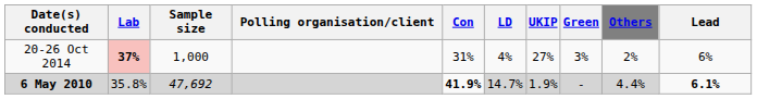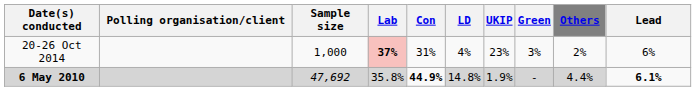 <table class="wikitable sortable" style="text-align:center;font-size:90%;line-height:14px">
 <tr>
 <th ! style="width:95px;">Date(s)<br>conducted</th>
+<th style="width:200px;">Polling organisation/client</th>
+<th class="unsortable" style="width:75px;">Sample size</th>
 <th class="unsortable" style="background:"><a href='#'><span>Lab</span></a></th>
-<th class="unsortable" style="width:75px;">Sample size</th>
-<th style="width:200px;">Polling organisation/client</th>
 <th class="unsortable" style="background:"><a href='#'><span>Con</span></a></th>
 <th class="unsortable" style="background:"><a href='#'><span>LD</span></a></th>
 <th class="unsortable" style="background:"><a href='#'><span>UKIP</span></a></th>
 <th class="unsortable" style="background:"><a href='#'><span>Green</span></a></th>
 <th class="unsortable" style="background:gray; width:50px;"><a href='#'><span>Others</span></a></th>
 <th class="unsortable" style="width:85px;">Lead</th>
 </tr>
 <tr>
 <td>20-26 Oct 2014</td>
+<td></td>
+<td>1,000</td>
 <td style="background:#F8C1BE"><strong>37%</strong></td>
-<td>1,000</td>
-<td></td>
 <td>31%</td>
 <td>4%</td>
-<td>27%</td>
+<td>23%</td>
 <td>3%</td>
 <td>2%</td>
 <td style="background:">6%</td>
 </tr>
 <tr>
 <td style="background:#D5D5D5"><strong>6 May 2010</strong></td>
+<td style="background:#D5D5D5"></td>
+<td style="background:#D5D5D5"><em>47,692</em></td>
 <td style="background:#D5D5D5">35.8%</td>
-<td style="background:#D5D5D5"><em>47,692</em></td>
-<td style="background:#D5D5D5"></td>
-<td style="background:"><strong>41.9%</strong></td>
-<td style="background:#D5D5D5">14.7%</td>
+<td style="background:"><strong>44.9%</strong></td>
+<td style="background:#D5D5D5">14.8%</td>
 <td style="background:#D5D5D5">1.9%</td>
 <td style="background:#D5D5D5">-</td>
 <td style="background:#D5D5D5">4.4%</td>
 <td style="background:"><strong>6.1% </strong></td>
 </tr>
 </table>
